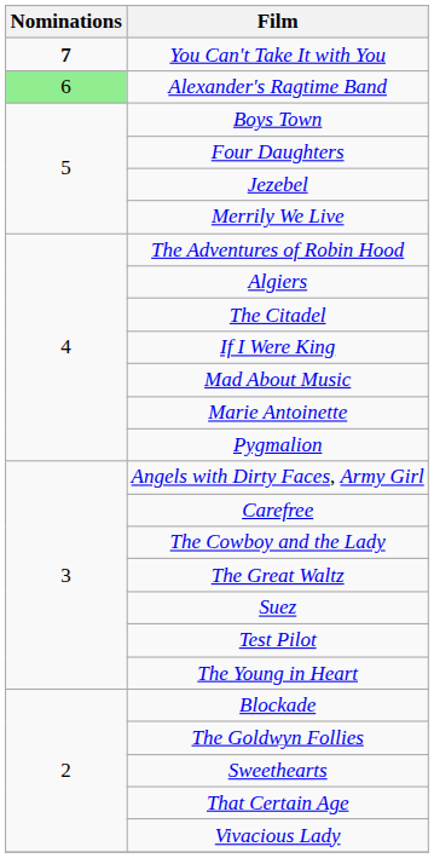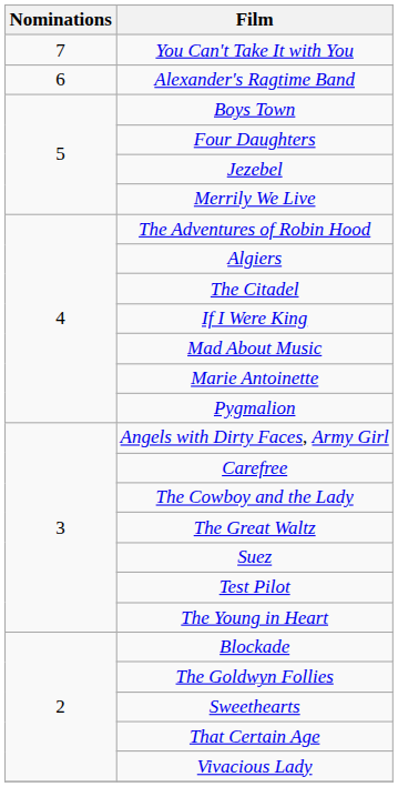 <table class="wikitable" rowspan="2" style="text-align:center;">
 <tr>
 <th scope="col" style="width:55px;">Nominations</th>
 <th scope="col" style="text-align:center;">Film</th>
 </tr>
 <tr>
-<td rowspan="1" style="text-align:center"><strong>7</strong></td>
+<td rowspan="1" style="text-align:center">7</td>
 <td><em><a href='#'>You Can't Take It with You</a></em></td>
 </tr>
 <tr>
-<td rowspan="1" style="background: lightgreen; text-align:center">6</td>
+<td rowspan="1" style="text-align:center">6</td>
 <td><em><a href='#'>Alexander's Ragtime Band</a></em></td>
 </tr>
 <tr>
 <td rowspan="4" style="text-align:center">5</td>
 <td><em><a href='#'>Boys Town</a></em></td>
 </tr>
 <tr>
 <td><em><a href='#'>Four Daughters</a></em></td>
 </tr>
 <tr>
 <td><em><a href='#'>Jezebel</a></em></td>
 </tr>
 <tr>
 <td><em><a href='#'>Merrily We Live</a></em></td>
 </tr>
 <tr>
 <td rowspan="7" style="text-align:center">4</td>
 <td><em><a href='#'>The Adventures of Robin Hood</a></em></td>
 </tr>
 <tr>
 <td><em><a href='#'>Algiers</a></em></td>
 </tr>
 <tr>
 <td><em><a href='#'>The Citadel</a></em></td>
 </tr>
 <tr>
 <td><em><a href='#'>If I Were King</a></em></td>
 </tr>
 <tr>
 <td><em><a href='#'>Mad About Music</a></em></td>
 </tr>
 <tr>
 <td><em><a href='#'>Marie Antoinette</a></em></td>
 </tr>
 <tr>
 <td><em><a href='#'>Pygmalion</a></em></td>
 </tr>
 <tr>
 <td rowspan="7" style="text-align:center">3</td>
 <td><em><a href='#'>Angels with Dirty Faces</a></em>, <em><a href='#'>Army Girl</a></em></td>
 </tr>
 <tr>
 <td><em><a href='#'>Carefree</a></em></td>
 </tr>
 <tr>
 <td><em><a href='#'>The Cowboy and the Lady</a></em></td>
 </tr>
 <tr>
 <td><em><a href='#'>The Great Waltz</a></em></td>
 </tr>
 <tr>
 <td><em><a href='#'>Suez</a></em></td>
 </tr>
 <tr>
 <td><em><a href='#'>Test Pilot</a></em></td>
 </tr>
 <tr>
 <td><em><a href='#'>The Young in Heart</a></em></td>
 </tr>
 <tr>
 <td rowspan="5" style="text-align:center">2</td>
 <td><em><a href='#'>Blockade</a></em></td>
 </tr>
 <tr>
 <td><em><a href='#'>The Goldwyn Follies</a></em></td>
 </tr>
 <tr>
 <td><em><a href='#'>Sweethearts</a></em></td>
 </tr>
 <tr>
 <td><em><a href='#'>That Certain Age</a></em></td>
 </tr>
 <tr>
 <td><em><a href='#'>Vivacious Lady</a></em></td>
 </tr>
 <tr>
 </tr>
 </table>
